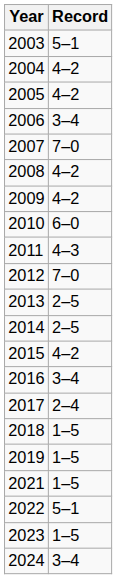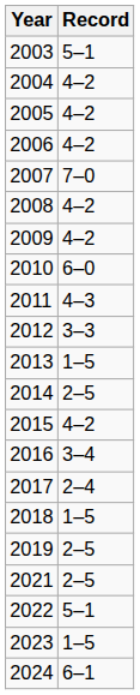 <table class="wikitable">
 <tr>
 <th>Year</th>
 <th>Record</th>
 </tr>
 <tr>
 <td>2003</td>
 <td>5–1</td>
 </tr>
 <tr>
 <td>2004</td>
 <td>4–2</td>
 </tr>
 <tr>
 <td>2005</td>
 <td>4–2</td>
 </tr>
 <tr>
 <td>2006</td>
-<td>3–4</td>
+<td>4–2</td>
 </tr>
 <tr>
 <td>2007</td>
 <td>7–0</td>
 </tr>
 <tr>
 <td>2008</td>
 <td>4–2</td>
 </tr>
 <tr>
 <td>2009</td>
 <td>4–2</td>
 </tr>
 <tr>
 <td>2010</td>
 <td>6–0</td>
 </tr>
 <tr>
 <td>2011</td>
 <td>4–3</td>
 </tr>
 <tr>
 <td>2012</td>
-<td>7–0</td>
+<td>3–3</td>
 </tr>
 <tr>
 <td>2013</td>
-<td>2–5</td>
+<td>1–5</td>
 </tr>
 <tr>
 <td>2014</td>
 <td>2–5</td>
 </tr>
 <tr>
 <td>2015</td>
 <td>4–2</td>
 </tr>
 <tr>
 <td>2016</td>
 <td>3–4</td>
 </tr>
 <tr>
 <td>2017</td>
 <td>2–4</td>
 </tr>
 <tr>
 <td>2018</td>
 <td>1–5</td>
 </tr>
 <tr>
 <td>2019</td>
-<td>1–5</td>
+<td>2–5</td>
 </tr>
 <tr>
 <td>2021</td>
-<td>1–5</td>
+<td>2–5</td>
 </tr>
 <tr>
 <td>2022</td>
 <td>5–1</td>
 </tr>
 <tr>
 <td>2023</td>
 <td>1–5</td>
 </tr>
 <tr>
 <td>2024</td>
-<td>3–4</td>
+<td>6–1</td>
 </tr>
 </table>
